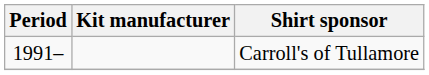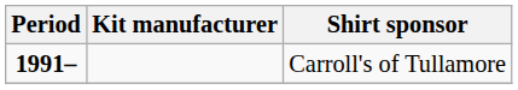 <table class="wikitable" style="text-align: center">
 <tr>
 <th>Period</th>
 <th>Kit manufacturer</th>
 <th>Shirt sponsor</th>
 </tr>
 <tr>
-<td>1991–</td>
+<td><strong>1991–</strong></td>
 <td></td>
 <td>Carroll's of Tullamore</td>
 </tr>
 <tr>
 </tr>
 </table>
